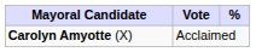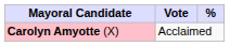 <table class="wikitable">
 <tr>
 <th style="background:#ddf; width:200px;">Mayoral Candidate</th>
 <th style="background:#ddf; width:50px;">Vote</th>
 <th style="background:#ddf; width:30px;">%</th>
 </tr>
 <tr>
-<td><strong>Carolyn Amyotte</strong> (X)</td>
+<td style="background: pink;"><strong>Carolyn Amyotte</strong> (X)</td>
 <td colspan="2">Acclaimed</td>
 </tr>
 </table>
